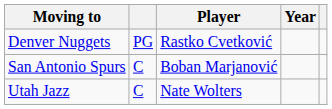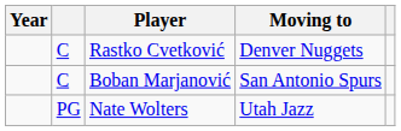 <table class="wikitable sortable" style="text-align: left;">
 <tr>
-<th>Moving to</th>
+<th>Year</th>
 <th></th>
 <th>Player</th>
-<th>Year</th>
+<th>Moving to</th>
 <th></th>
 </tr>
 <tr>
+<td></td>
+<td><a href='#'>C</a></td>
+<td> <a href='#'>Rastko Cvetković</a></td>
 <td><a href='#'>Denver Nuggets</a></td>
-<td><a href='#'>PG</a></td>
-<td> <a href='#'>Rastko Cvetković</a></td>
-<td></td>
 <td></td>
 </tr>
 <tr>
-<td><a href='#'>San Antonio Spurs</a></td>
+<td></td>
 <td><a href='#'>C</a></td>
 <td> <a href='#'>Boban Marjanović</a></td>
-<td></td>
+<td><a href='#'>San Antonio Spurs</a></td>
 <td style="text-align:center;"></td>
 </tr>
 <tr>
+<td></td>
+<td><a href='#'>PG</a></td>
+<td> <a href='#'>Nate Wolters</a></td>
 <td><a href='#'>Utah Jazz</a></td>
-<td><a href='#'>C</a></td>
-<td> <a href='#'>Nate Wolters</a></td>
-<td></td>
 <td style="text-align:center;"></td>
 </tr>
 </table>
